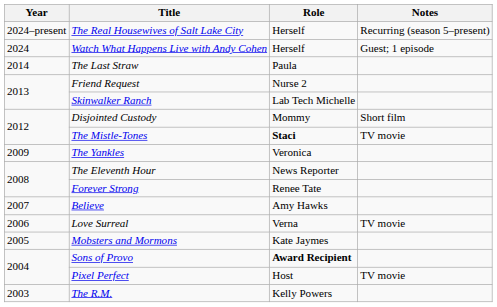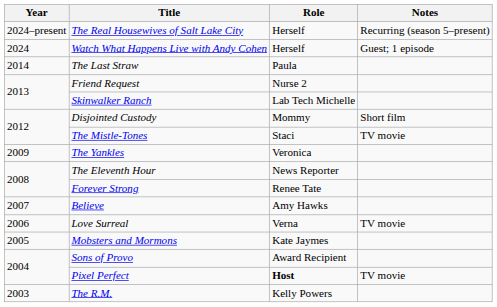 <table class="wikitable">
 <tr>
 <th>Year</th>
 <th>Title</th>
 <th>Role</th>
 <th scope="col" class="unsortable">Notes</th>
 </tr>
 <tr>
 <td>2024–present</td>
 <td><em><a href='#'>The Real Housewives of Salt Lake City</a></em></td>
 <td>Herself</td>
 <td>Recurring (season 5–present)</td>
 </tr>
 <tr>
 <td>2024</td>
 <td><em><a href='#'>Watch What Happens Live with Andy Cohen</a></em></td>
 <td>Herself</td>
 <td>Guest; 1 episode</td>
 </tr>
 <tr>
 <td>2014</td>
 <td><em>The Last Straw</em></td>
 <td>Paula</td>
 <td></td>
 </tr>
 <tr>
 <td rowspan="2">2013</td>
 <td><em>Friend Request</em></td>
 <td>Nurse 2</td>
 <td></td>
 </tr>
 <tr>
 <td><em><a href='#'>Skinwalker Ranch</a></em></td>
 <td>Lab Tech Michelle</td>
 <td></td>
 </tr>
 <tr>
 <td rowspan="2">2012</td>
 <td><em>Disjointed Custody</em></td>
 <td>Mommy</td>
 <td>Short film</td>
 </tr>
 <tr>
 <td><em><a href='#'>The Mistle-Tones</a></em></td>
-<td><strong>Staci</strong></td>
+<td>Staci</td>
 <td>TV movie</td>
 </tr>
 <tr>
 <td>2009</td>
 <td><em><a href='#'>The Yankles</a></em></td>
 <td>Veronica</td>
 <td></td>
 </tr>
 <tr>
 <td rowspan="2">2008</td>
 <td><em>The Eleventh Hour</em></td>
 <td>News Reporter</td>
 <td></td>
 </tr>
 <tr>
 <td><em><a href='#'>Forever Strong</a></em></td>
 <td>Renee Tate</td>
 <td></td>
 </tr>
 <tr>
 <td>2007</td>
 <td><em><a href='#'>Believe</a></em></td>
 <td>Amy Hawks</td>
 <td></td>
 </tr>
 <tr>
 <td>2006</td>
 <td><em>Love Surreal</em></td>
 <td>Verna</td>
 <td>TV movie</td>
 </tr>
 <tr>
 <td>2005</td>
 <td><em><a href='#'>Mobsters and Mormons</a></em></td>
 <td>Kate Jaymes</td>
 <td></td>
 </tr>
 <tr>
 <td rowspan="2">2004</td>
 <td><em><a href='#'>Sons of Provo</a></em></td>
-<td><strong>Award Recipient</strong></td>
+<td>Award Recipient</td>
 <td></td>
 </tr>
 <tr>
 <td><em><a href='#'>Pixel Perfect</a></em></td>
-<td>Host</td>
+<td><strong>Host</strong></td>
 <td>TV movie</td>
 </tr>
 <tr>
 <td>2003</td>
 <td><em><a href='#'>The R.M.</a></em></td>
 <td>Kelly Powers</td>
 <td></td>
 </tr>
 </table>
